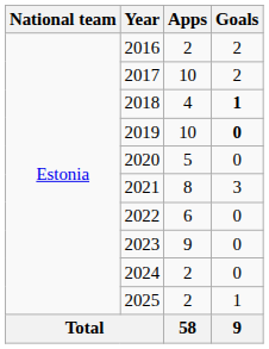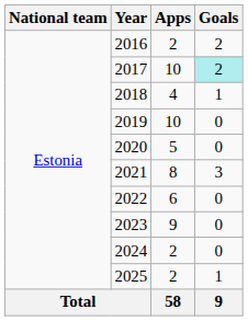 <table class="wikitable" style="text-align:center">
 <tr>
 <th>National team</th>
 <th>Year</th>
 <th>Apps</th>
 <th>Goals</th>
 </tr>
 <tr>
 <td rowspan="10"><a href='#'>Estonia</a></td>
 <td>2016</td>
 <td>2</td>
 <td>2</td>
 </tr>
 <tr>
 <td>2017</td>
 <td>10</td>
-<td>2</td>
+<td style="background: paleturquoise;">2</td>
 </tr>
 <tr>
 <td>2018</td>
 <td>4</td>
-<td><strong>1</strong></td>
+<td>1</td>
 </tr>
 <tr>
 <td>2019</td>
 <td>10</td>
-<td><strong>0</strong></td>
+<td>0</td>
 </tr>
 <tr>
 <td>2020</td>
 <td>5</td>
 <td>0</td>
 </tr>
 <tr>
 <td>2021</td>
 <td>8</td>
 <td>3</td>
 </tr>
 <tr>
 <td>2022</td>
 <td>6</td>
 <td>0</td>
 </tr>
 <tr>
 <td>2023</td>
 <td>9</td>
 <td>0</td>
 </tr>
 <tr>
 <td>2024</td>
 <td>2</td>
 <td>0</td>
 </tr>
 <tr>
 <td>2025</td>
 <td>2</td>
 <td>1</td>
 </tr>
 <tr>
 <th colspan="2">Total</th>
 <th>58</th>
 <th>9</th>
 </tr>
 </table>
